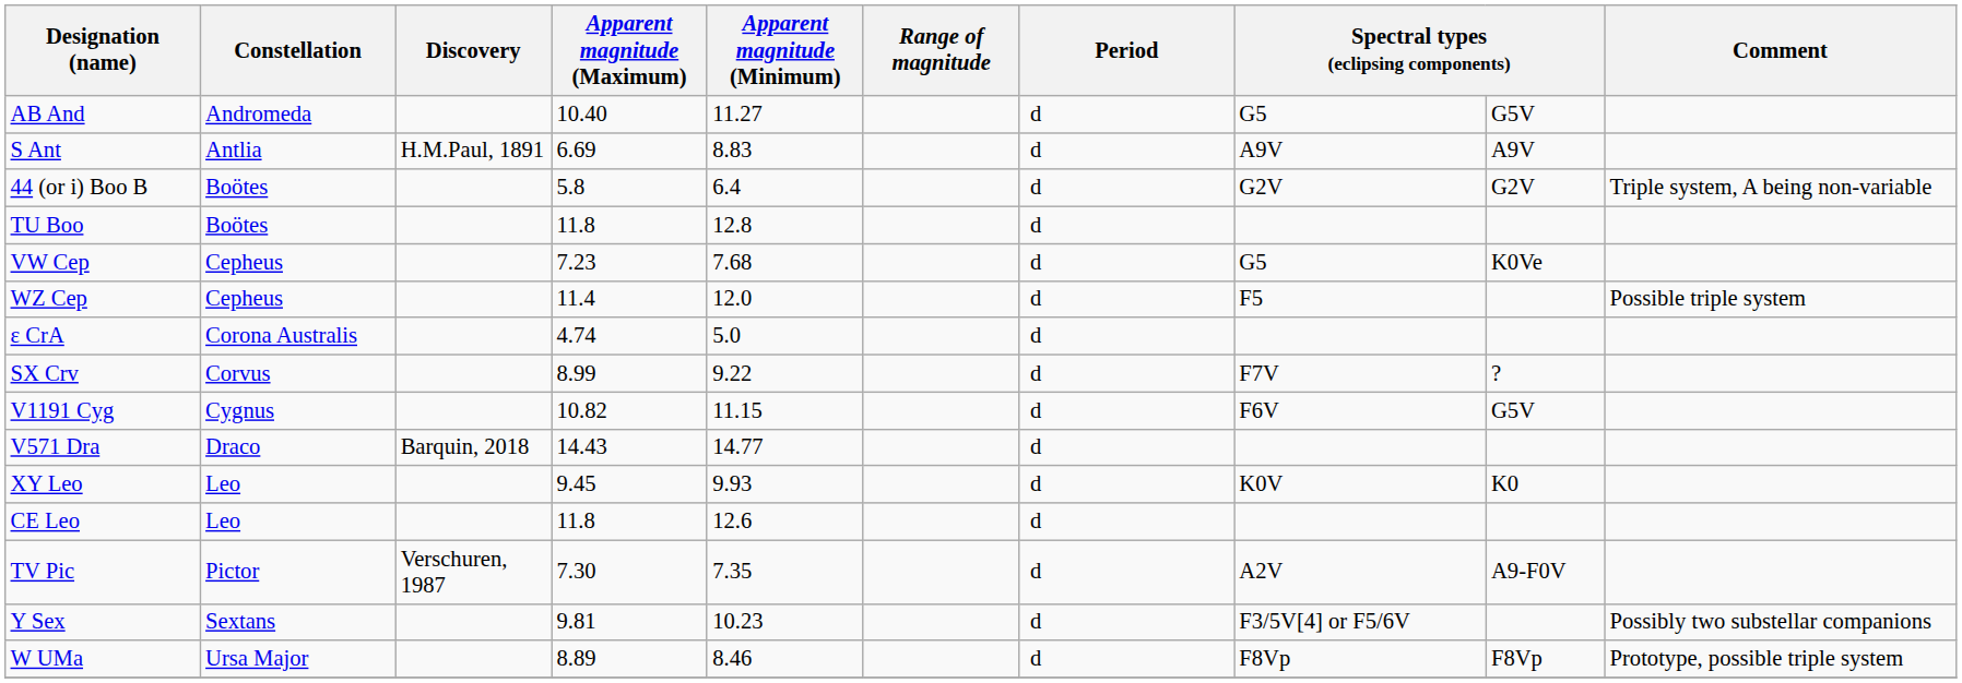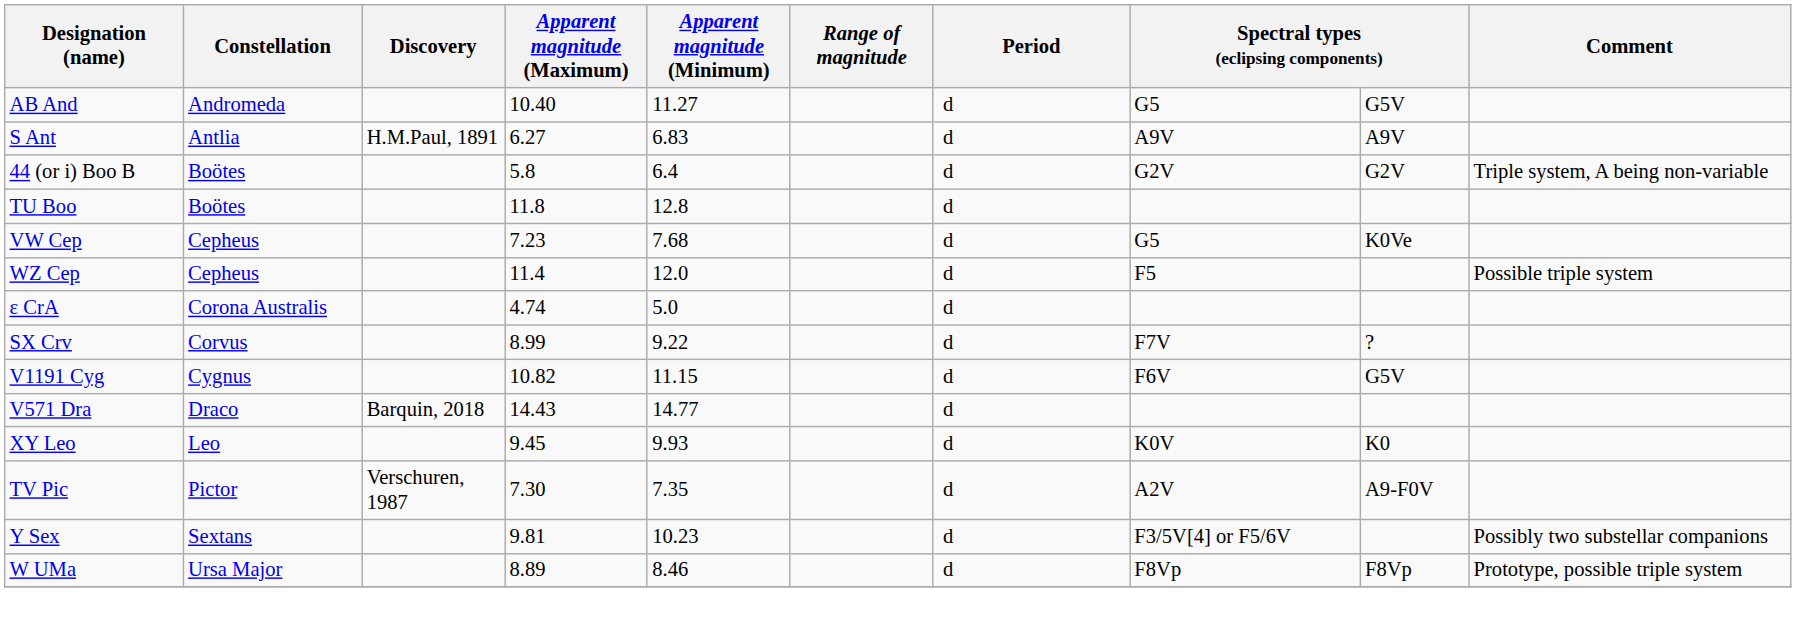 <table class="wikitable sortable" style="font-size:90%; bold">
 <tr bgcolor="#efefef">
 <th width="10%">Designation (name)</th>
 <th width="10%">Constellation</th>
 <th width="8%">Discovery</th>
 <th width="8%"><em><a href='#'>Apparent magnitude</a></em> (Maximum)</th>
 <th width="8%"><em><a href='#'>Apparent magnitude</a></em> (Minimum)</th>
 <th width="8%"><em>Range of magnitude</em></th>
 <th width="11%">Period</th>
 <th colspan=2 width="19%">Spectral types<br><small>(eclipsing components)</small></th>
 <th width="20%">Comment</th>
 </tr>
 <tr -->
 <td><a href='#'>AB And</a></td>
 <td><a href='#'>Andromeda</a></td>
 <td> </td>
 <td>10.40</td>
 <td>11.27</td>
 <td></td>
 <td> d</td>
 <td style="background:#">G5</td>
 <td style="background:#">G5V</td>
 <td></td>
 </tr>
 <tr -->
 <td><a href='#'>S Ant</a></td>
 <td><a href='#'>Antlia</a></td>
 <td>H.M.Paul, 1891</td>
-<td>6.69</td>
-<td>8.83</td>
+<td>6.27</td>
+<td>6.83</td>
 <td></td>
 <td> d</td>
 <td style="background:#">A9V</td>
 <td style="background:#">A9V</td>
 <td></td>
 </tr>
 <tr -->
 <td><a href='#'>44</a> (or i) Boo B</td>
 <td><a href='#'>Boötes</a></td>
 <td> </td>
 <td>5.8</td>
 <td>6.4</td>
 <td></td>
 <td> d</td>
 <td style="background:#">G2V</td>
 <td style="background:#">G2V</td>
 <td>Triple system, A being non-variable</td>
 </tr>
 <tr -->
 <td><a href='#'>TU Boo</a></td>
 <td><a href='#'>Boötes</a></td>
 <td> </td>
 <td>11.8</td>
 <td>12.8</td>
 <td></td>
 <td> d</td>
 <td></td>
 <td></td>
 <td></td>
 </tr>
 <tr -->
 <td><a href='#'>VW Cep</a></td>
 <td><a href='#'>Cepheus</a></td>
 <td> </td>
 <td>7.23</td>
 <td>7.68</td>
 <td></td>
 <td> d</td>
 <td style="background:#">G5</td>
 <td style="background:#">K0Ve</td>
 <td></td>
 </tr>
 <tr -->
 <td><a href='#'>WZ Cep</a></td>
 <td><a href='#'>Cepheus</a></td>
 <td> </td>
 <td>11.4</td>
 <td>12.0</td>
 <td></td>
 <td> d</td>
 <td style="background:#">F5</td>
 <td></td>
 <td>Possible triple system</td>
 </tr>
 <tr -->
 <td><a href='#'>ε CrA</a></td>
 <td><a href='#'>Corona Australis</a></td>
 <td> </td>
 <td>4.74</td>
 <td>5.0</td>
 <td></td>
 <td> d</td>
 <td></td>
 <td></td>
 <td></td>
 </tr>
 <tr -->
 <td><a href='#'>SX Crv</a></td>
 <td><a href='#'>Corvus</a></td>
 <td></td>
 <td>8.99</td>
 <td>9.22</td>
 <td></td>
 <td> d</td>
 <td style="background:#">F7V</td>
 <td>?</td>
 <td></td>
 </tr>
 <tr -->
 <td><a href='#'>V1191 Cyg</a></td>
 <td><a href='#'>Cygnus</a></td>
 <td></td>
 <td>10.82</td>
 <td>11.15</td>
 <td></td>
 <td> d</td>
 <td style="background:#">F6V</td>
 <td style="background:#">G5V</td>
 <td></td>
 </tr>
 <tr -->
 <td><a href='#'>V571 Dra</a></td>
 <td><a href='#'>Draco</a></td>
 <td>Barquin, 2018</td>
 <td>14.43</td>
 <td>14.77</td>
 <td></td>
 <td> d</td>
 <td></td>
 <td></td>
 <td></td>
 </tr>
 <tr -->
 <td><a href='#'>XY Leo</a></td>
 <td><a href='#'>Leo</a></td>
 <td> </td>
 <td>9.45</td>
 <td>9.93</td>
 <td></td>
 <td> d</td>
 <td style="background:#">K0V</td>
 <td style="background:#">K0</td>
 <td></td>
 </tr>
 <tr -->
-<td><a href='#'>CE Leo</a></td>
-<td><a href='#'>Leo</a></td>
-<td> </td>
-<td>11.8</td>
-<td>12.6</td>
-<td></td>
-<td> d</td>
-<td></td>
-<td></td>
-<td></td>
-</tr>
-<tr -->
 <td><a href='#'>TV Pic</a></td>
 <td><a href='#'>Pictor</a></td>
 <td>Verschuren, 1987</td>
 <td>7.30</td>
 <td>7.35</td>
 <td></td>
 <td> d</td>
 <td style="background:#">A2V</td>
 <td style="background:#">A9-F0V</td>
 <td></td>
 </tr>
 <tr -->
 <td><a href='#'>Y Sex</a></td>
 <td><a href='#'>Sextans</a></td>
 <td></td>
 <td>9.81</td>
 <td>10.23</td>
 <td></td>
 <td> d</td>
 <td>F3/5V[4] or F5/6V</td>
 <td></td>
 <td>Possibly two substellar companions</td>
 </tr>
 <tr -->
 <td><a href='#'>W UMa</a></td>
 <td><a href='#'>Ursa Major</a></td>
 <td> </td>
 <td>8.89</td>
 <td>8.46</td>
 <td></td>
 <td> d</td>
 <td style="background:#">F8Vp</td>
 <td style="background:#">F8Vp</td>
 <td>Prototype, possible triple system</td>
 </tr>
 <tr --->
 </tr>
 </table>
